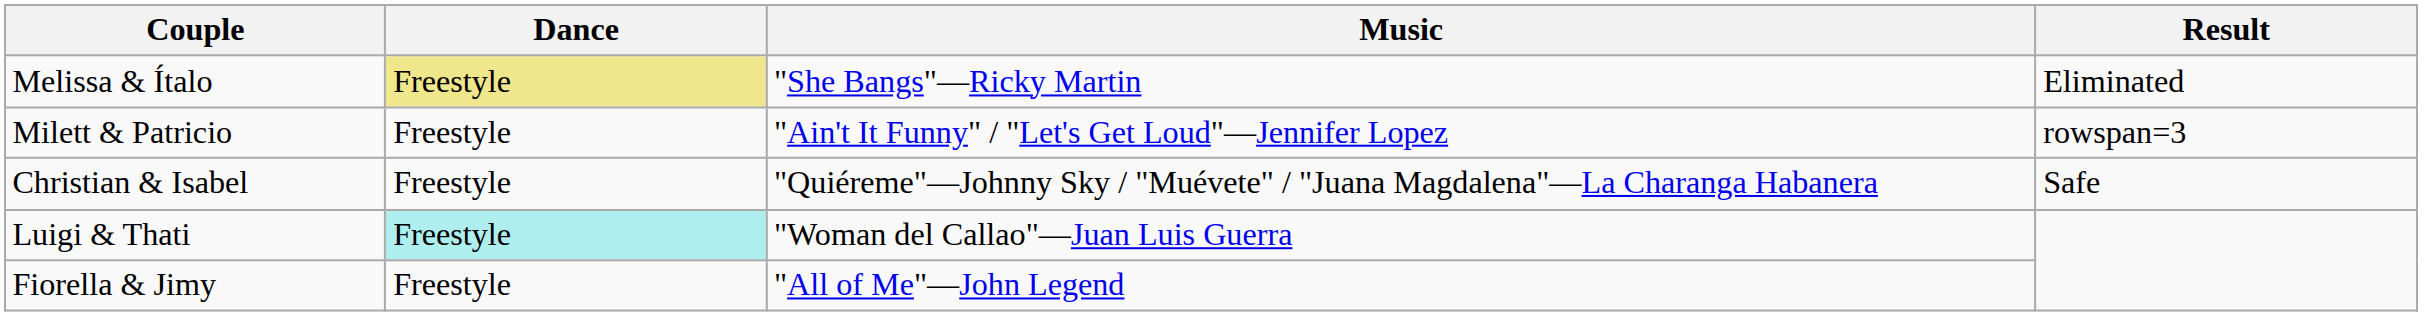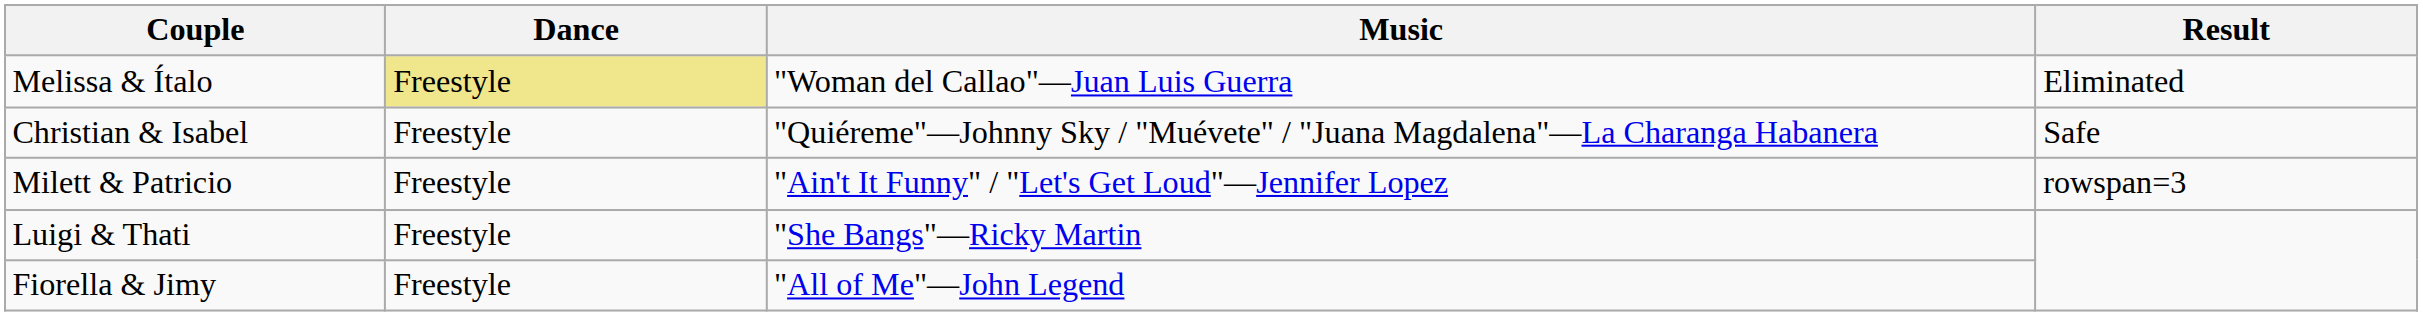 <table class="wikitable sortable" style="width:95%; white-space:nowrap">
 <tr>
 <th style="width:15%;">Couple</th>
 <th style="width:15%;">Dance</th>
 <th style="width:50%;">Music</th>
 <th style="width:15%;">Result</th>
 </tr>
 <tr>
 <td>Melissa & Ítalo</td>
 <td style="background: khaki;">Freestyle</td>
-<td>"<a href='#'>She Bangs</a>"—<a href='#'>Ricky Martin</a></td>
+<td>"Woman del Callao"—<a href='#'>Juan Luis Guerra</a></td>
 <td>Eliminated</td>
+</tr>
+<tr>
+<td>Christian & Isabel</td>
+<td>Freestyle</td>
+<td>"Quiéreme"—Johnny Sky / "Muévete" / "Juana Magdalena"—<a href='#'>La Charanga Habanera</a></td>
+<td>Safe</td>
 </tr>
 <tr>
 <td>Milett & Patricio</td>
 <td>Freestyle</td>
 <td>"<a href='#'>Ain't It Funny</a>" / "<a href='#'>Let's Get Loud</a>"—<a href='#'>Jennifer Lopez</a></td>
 <td>rowspan=3 </td>
 </tr>
 <tr>
-<td>Christian & Isabel</td>
+<td>Luigi & Thati</td>
 <td>Freestyle</td>
-<td>"Quiéreme"—Johnny Sky / "Muévete" / "Juana Magdalena"—<a href='#'>La Charanga Habanera</a></td>
-<td>Safe</td>
-</tr>
-<tr>
-<td>Luigi & Thati</td>
-<td style="background: paleturquoise;">Freestyle</td>
-<td>"Woman del Callao"—<a href='#'>Juan Luis Guerra</a></td>
+<td>"<a href='#'>She Bangs</a>"—<a href='#'>Ricky Martin</a></td>
 </tr>
 <tr>
 <td>Fiorella & Jimy</td>
 <td>Freestyle</td>
 <td>"<a href='#'>All of Me</a>"—<a href='#'>John Legend</a></td>
 </tr>
 </table>
